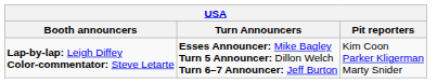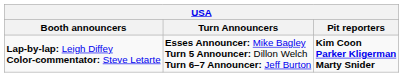 <table class="wikitable" style="font-size: 95%">
 <tr>
 <th colspan="3"><a href='#'>USA</a></th>
 </tr>
 <tr>
 <th>Booth announcers</th>
 <th>Turn Announcers</th>
 <th>Pit reporters</th>
 </tr>
 <tr>
 <td><strong>Lap-by-lap:</strong> <a href='#'>Leigh Diffey</a><br><strong>Color-commentator:</strong> <a href='#'>Steve Letarte</a></td>
 <td><strong>Esses Announcer:</strong> <a href='#'>Mike Bagley</a><br><strong>Turn 5 Announcer:</strong> Dillon Welch<br><strong>Turn 6–7 Announcer:</strong> <a href='#'>Jeff Burton</a></td>
-<td>Kim Coon<br><a href='#'>Parker Kligerman</a><br>Marty Snider</td>
+<td><strong>Kim Coon<br><a href='#'>Parker Kligerman</a><br>Marty Snider</strong></td>
 </tr>
 </table>
